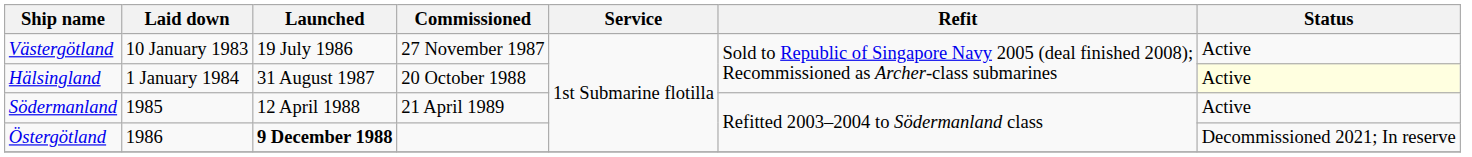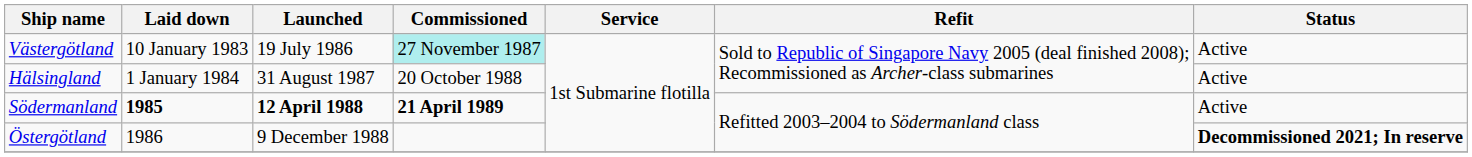 <table class="wikitable">
 <tr>
 <th>Ship name</th>
 <th>Laid down</th>
 <th>Launched</th>
 <th>Commissioned</th>
 <th>Service</th>
 <th>Refit</th>
 <th>Status</th>
 </tr>
 <tr>
 <td><em><a href='#'>Västergötland</a></em></td>
 <td>10 January 1983</td>
 <td>19 July 1986</td>
-<td>27 November 1987</td>
+<td style="background: paleturquoise;">27 November 1987</td>
 <td rowspan=4>1st Submarine flotilla</td>
 <td rowspan=2>Sold to <a href='#'>Republic of Singapore Navy</a> 2005 (deal finished 2008);<br>Recommissioned as <em>Archer</em>-class submarines</td>
 <td>Active</td>
 </tr>
 <tr>
 <td><em><a href='#'>Hälsingland</a></em></td>
 <td>1 January 1984</td>
 <td>31 August 1987</td>
 <td>20 October 1988</td>
-<td style="background: lightyellow;">Active</td>
+<td>Active</td>
 </tr>
 <tr>
 <td><em><a href='#'>Södermanland</a></em></td>
-<td>1985</td>
-<td>12 April 1988</td>
-<td>21 April 1989</td>
+<td><strong>1985</strong></td>
+<td><strong>12 April 1988</strong></td>
+<td><strong>21 April 1989</strong></td>
 <td rowspan=2>Refitted 2003–2004 to <em>Södermanland</em> class</td>
 <td>Active</td>
 </tr>
 <tr>
 <td><em><a href='#'>Östergötland</a></em></td>
 <td>1986</td>
-<td><strong>9 December 1988</strong></td>
+<td>9 December 1988</td>
 <td></td>
-<td>Decommissioned 2021; In reserve</td>
+<td><strong>Decommissioned 2021; In reserve</strong></td>
 </tr>
 <tr>
 </tr>
 </table>
